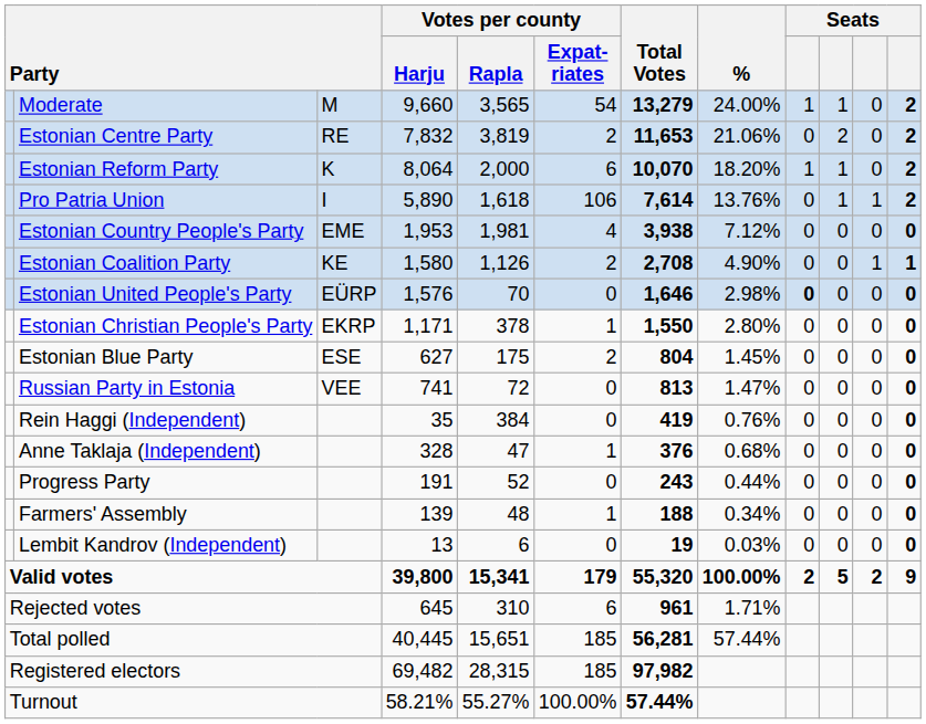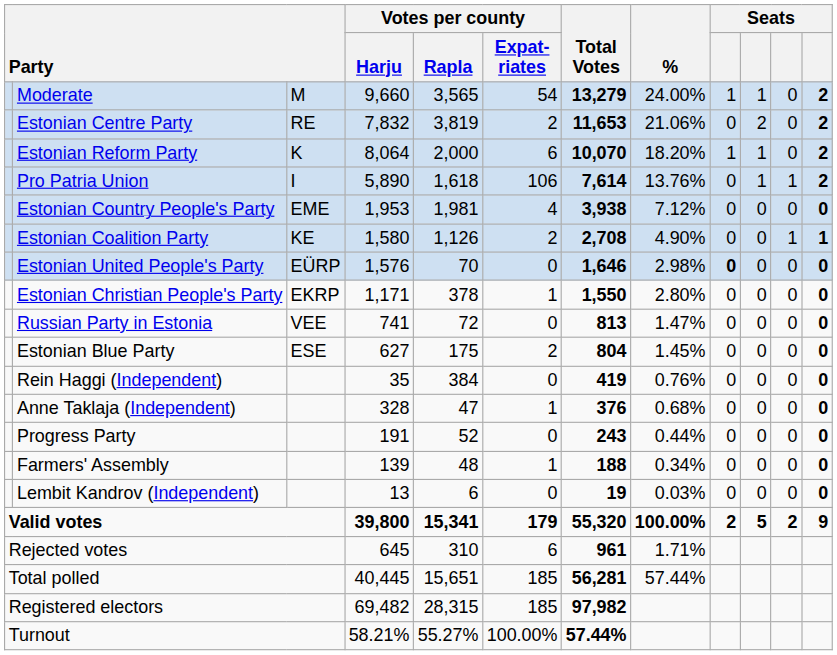 <table class="wikitable" border="1" style="text-align:right;">
 <tr>
 <th style="text-align:left;" valign=bottom rowspan=2 colspan=3>Party</th>
 <th colspan=3>Votes per county</th>
 <th align=center valign=bottom rowspan=2 width="50">Total Votes</th>
 <th align=center valign=bottom rowspan=2 width="50">%</th>
 <th colspan=4>Seats</th>
 </tr>
 <tr>
 <th align=center valign=bottom width="50"><a href='#'>Harju</a></th>
 <th align=center valign=bottom width="50"><a href='#'>Rapla</a></th>
 <th align=center valign=bottom width="50"><a href='#'>Expat- riates</a></th>
 <th align=center valign=bottom width="20"><small></small></th>
 <th align=center valign=bottom width="20"><small></small></th>
 <th align=center valign=bottom width="20"><small></small></th>
 <th align=center valign=bottom width="20"><small></small></th>
 </tr>
 <tr style="background:#CEE0F2;">
 <td style="background:"></td>
 <td align=left><a href='#'>Moderate</a></td>
 <td align=left>M</td>
 <td>9,660</td>
 <td>3,565</td>
 <td>54</td>
 <td><strong>13,279</strong></td>
 <td>24.00%</td>
 <td>1</td>
 <td>1</td>
 <td>0</td>
 <td><strong>2</strong></td>
 </tr>
 <tr style="background:#CEE0F2;">
 <td style="background:"></td>
 <td align=left><a href='#'>Estonian Centre Party</a></td>
 <td align=left>RE</td>
 <td>7,832</td>
 <td>3,819</td>
 <td>2</td>
 <td><strong>11,653</strong></td>
 <td>21.06%</td>
 <td>0</td>
 <td>2</td>
 <td>0</td>
 <td><strong>2</strong></td>
 </tr>
 <tr style="background:#CEE0F2;">
 <td style="background:"></td>
 <td align=left><a href='#'>Estonian Reform Party</a></td>
 <td align=left>K</td>
 <td>8,064</td>
 <td>2,000</td>
 <td>6</td>
 <td><strong>10,070</strong></td>
 <td>18.20%</td>
 <td>1</td>
 <td>1</td>
 <td>0</td>
 <td><strong>2</strong></td>
 </tr>
 <tr style="background:#CEE0F2;">
 <td style="background:"></td>
 <td align=left><a href='#'>Pro Patria Union</a></td>
 <td align=left>I</td>
 <td>5,890</td>
 <td>1,618</td>
 <td>106</td>
 <td><strong>7,614</strong></td>
 <td>13.76%</td>
 <td>0</td>
 <td>1</td>
 <td>1</td>
 <td><strong>2</strong></td>
 </tr>
 <tr style="background:#CEE0F2;">
 <td style="background:"></td>
 <td align=left><a href='#'>Estonian Country People's Party</a></td>
 <td align=left>EME</td>
 <td>1,953</td>
 <td>1,981</td>
 <td>4</td>
 <td><strong>3,938</strong></td>
 <td>7.12%</td>
 <td>0</td>
 <td>0</td>
 <td>0</td>
 <td><strong>0</strong></td>
 </tr>
 <tr style="background:#CEE0F2;">
 <td style="background:"></td>
 <td align=left><a href='#'>Estonian Coalition Party</a></td>
 <td align=left>KE</td>
 <td>1,580</td>
 <td>1,126</td>
 <td>2</td>
 <td><strong>2,708</strong></td>
 <td>4.90%</td>
 <td>0</td>
 <td>0</td>
 <td>1</td>
 <td><strong>1</strong></td>
 </tr>
 <tr style="background:#CEE0F2;">
 <td style="background:"></td>
 <td align=left><a href='#'>Estonian United People's Party</a></td>
 <td align=left>EÜRP</td>
 <td>1,576</td>
 <td>70</td>
 <td>0</td>
 <td><strong>1,646</strong></td>
 <td>2.98%</td>
 <td><strong>0</strong></td>
 <td>0</td>
 <td>0</td>
 <td><strong>0</strong></td>
 </tr>
 <tr>
 <td style="background:"></td>
 <td align=left><a href='#'>Estonian Christian People's Party</a></td>
 <td align=left>EKRP</td>
 <td>1,171</td>
 <td>378</td>
 <td>1</td>
 <td><strong>1,550</strong></td>
 <td>2.80%</td>
 <td>0</td>
 <td>0</td>
 <td>0</td>
 <td><strong>0</strong></td>
 </tr>
 <tr>
 <td></td>
+<td align=left><a href='#'>Russian Party in Estonia</a></td>
+<td align=left>VEE</td>
+<td>741</td>
+<td>72</td>
+<td>0</td>
+<td><strong>813</strong></td>
+<td>1.47%</td>
+<td>0</td>
+<td>0</td>
+<td>0</td>
+<td><strong>0</strong></td>
+</tr>
+<tr>
+<td></td>
 <td align=left>Estonian Blue Party</td>
 <td align=left>ESE</td>
 <td>627</td>
 <td>175</td>
 <td>2</td>
 <td><strong>804</strong></td>
 <td>1.45%</td>
-<td>0</td>
-<td>0</td>
-<td>0</td>
-<td><strong>0</strong></td>
-</tr>
-<tr>
-<td></td>
-<td align=left><a href='#'>Russian Party in Estonia</a></td>
-<td align=left>VEE</td>
-<td>741</td>
-<td>72</td>
-<td>0</td>
-<td><strong>813</strong></td>
-<td>1.47%</td>
 <td>0</td>
 <td>0</td>
 <td>0</td>
 <td><strong>0</strong></td>
 </tr>
 <tr>
 <td style="background:"></td>
 <td align=left>Rein Haggi (<a href='#'>Independent</a>)</td>
 <td></td>
 <td>35</td>
 <td>384</td>
 <td>0</td>
 <td><strong>419</strong></td>
 <td>0.76%</td>
 <td>0</td>
 <td>0</td>
 <td>0</td>
 <td><strong>0</strong></td>
 </tr>
 <tr>
 <td style="background:"></td>
 <td align=left>Anne Taklaja (<a href='#'>Independent</a>)</td>
 <td></td>
 <td>328</td>
 <td>47</td>
 <td>1</td>
 <td><strong>376</strong></td>
 <td>0.68%</td>
 <td>0</td>
 <td>0</td>
 <td>0</td>
 <td><strong>0</strong></td>
 </tr>
 <tr>
 <td></td>
 <td align=left>Progress Party</td>
 <td></td>
 <td>191</td>
 <td>52</td>
 <td>0</td>
 <td><strong>243</strong></td>
 <td>0.44%</td>
 <td>0</td>
 <td>0</td>
 <td>0</td>
 <td><strong>0</strong></td>
 </tr>
 <tr>
 <td></td>
 <td align=left>Farmers' Assembly</td>
 <td></td>
 <td>139</td>
 <td>48</td>
 <td>1</td>
 <td><strong>188</strong></td>
 <td>0.34%</td>
 <td>0</td>
 <td>0</td>
 <td>0</td>
 <td><strong>0</strong></td>
 </tr>
 <tr>
 <td style="background:"></td>
 <td align=left>Lembit Kandrov (<a href='#'>Independent</a>)</td>
 <td></td>
 <td>13</td>
 <td>6</td>
 <td>0</td>
 <td><strong>19</strong></td>
 <td>0.03%</td>
 <td>0</td>
 <td>0</td>
 <td>0</td>
 <td><strong>0</strong></td>
 </tr>
 <tr style="font-weight:bold">
 <td align=left colspan=3>Valid votes</td>
 <td>39,800</td>
 <td>15,341</td>
 <td>179</td>
 <td>55,320</td>
 <td>100.00%</td>
 <td>2</td>
 <td>5</td>
 <td>2</td>
 <td>9</td>
 </tr>
 <tr>
 <td align=left colspan=3>Rejected votes</td>
 <td>645</td>
 <td>310</td>
 <td>6</td>
 <td><strong>961</strong></td>
 <td>1.71%</td>
 <td></td>
 <td></td>
 <td></td>
 <td></td>
 </tr>
 <tr>
 <td align=left colspan=3>Total polled</td>
 <td>40,445</td>
 <td>15,651</td>
 <td>185</td>
 <td><strong>56,281</strong></td>
 <td>57.44%</td>
 <td></td>
 <td></td>
 <td></td>
 <td></td>
 </tr>
 <tr>
 <td align=left colspan=3>Registered electors</td>
 <td>69,482</td>
 <td>28,315</td>
 <td>185</td>
 <td><strong>97,982</strong></td>
 <td></td>
 <td></td>
 <td></td>
 <td></td>
 <td></td>
 </tr>
 <tr>
 <td align=left colspan=3>Turnout</td>
 <td>58.21%</td>
 <td>55.27%</td>
 <td>100.00%</td>
 <td><strong>57.44%</strong></td>
 <td></td>
 <td></td>
 <td></td>
 <td></td>
 <td></td>
 </tr>
 </table>
